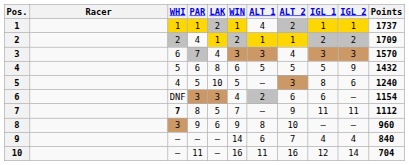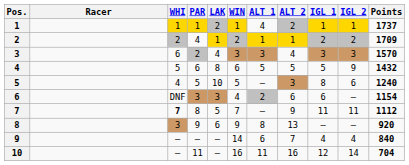 <table class="wikitable sortable plainrowheaders" style="text-align:center;">
 <tr>
 <th scope="col">Pos.</th>
 <th scope="col" style="width:200px;">Racer</th>
 <th scope="col"><strong> <a href='#'>WHI</a></strong></th>
 <th><strong> <a href='#'>PAR</a></strong></th>
 <th><strong> <a href='#'>LAK</a></strong></th>
 <th><strong> <a href='#'>WIN</a></strong></th>
 <th><strong> <a href='#'>ALT 1</a></strong></th>
 <th><strong> <a href='#'>ALT 2</a></strong></th>
 <th><strong> <a href='#'>IGL 1</a></strong></th>
 <th><strong> <a href='#'>IGL 2</a></strong></th>
 <th style="width:45px;">Points</th>
 </tr>
 <tr>
 <th>1</th>
 <td style="text-align:left"></td>
 <td style="background:gold">1</td>
 <td style="background:gold">1</td>
 <td style="background:silver">2</td>
 <td style="background:gold">1</td>
 <td>4</td>
 <td style="background:silver">2</td>
 <td style="background:gold">1</td>
 <td style="background:gold">1</td>
 <td><strong>1737</strong></td>
 </tr>
 <tr>
 <th>2</th>
 <td style="text-align:left"></td>
 <td style="background:silver">2</td>
 <td>4</td>
 <td style="background:gold">1</td>
 <td style="background:silver">2</td>
 <td style="background:gold">1</td>
 <td style="background:gold">1</td>
 <td style="background:silver">2</td>
 <td style="background:silver">2</td>
 <td><strong>1709</strong></td>
 </tr>
 <tr>
 <th>3</th>
 <td style="text-align:left"></td>
 <td>6</td>
-<td style="background:silver">7</td>
+<td style="background:silver">2</td>
 <td>4</td>
 <td style="background:#c96">3</td>
 <td style="background:#c96">3</td>
 <td>4</td>
 <td style="background:#c96">3</td>
 <td style="background:#c96">3</td>
 <td><strong>1570</strong></td>
 </tr>
 <tr>
 <th>4</th>
 <td style="text-align:left"></td>
 <td>5</td>
 <td>6</td>
 <td>8</td>
 <td>6</td>
 <td>5</td>
 <td>5</td>
 <td>5</td>
 <td>9</td>
 <td><strong>1432</strong></td>
 </tr>
 <tr>
 <th>5</th>
 <td style="text-align:left"></td>
 <td>4</td>
 <td>5</td>
 <td>10</td>
 <td>5</td>
 <td>–</td>
 <td style="background:#c96">3</td>
 <td>8</td>
 <td>6</td>
 <td><strong>1240</strong></td>
 </tr>
 <tr>
 <th>6</th>
 <td style="text-align:left"></td>
 <td>DNF</td>
 <td style="background:#c96">3</td>
 <td style="background:#c96">3</td>
 <td>4</td>
 <td style="background:silver">2</td>
 <td>6</td>
 <td>6</td>
 <td>–</td>
 <td><strong>1154</strong></td>
 </tr>
 <tr>
 <th>7</th>
 <td style="text-align:left"></td>
 <td><strong>7</strong></td>
 <td>8</td>
 <td>5</td>
 <td>7</td>
 <td>–</td>
 <td>9</td>
 <td>11</td>
 <td>11</td>
 <td><strong>1112</strong></td>
 </tr>
 <tr>
 <th>8</th>
 <td style="text-align:left"></td>
 <td style="background:#c96">3</td>
 <td>9</td>
 <td>6</td>
 <td>9</td>
 <td>8</td>
-<td>10</td>
+<td>13</td>
 <td>–</td>
 <td>–</td>
-<td><strong>960</strong></td>
+<td><strong>920</strong></td>
 </tr>
 <tr>
 <th>9</th>
 <td style="text-align:left"></td>
 <td>–</td>
 <td>–</td>
 <td>–</td>
 <td>14</td>
 <td>6</td>
 <td>7</td>
 <td>4</td>
 <td>4</td>
 <td><strong>840</strong></td>
 </tr>
 <tr>
 <th>10</th>
 <td style="text-align:left"></td>
 <td>–</td>
 <td>11</td>
 <td>–</td>
 <td>16</td>
 <td>11</td>
 <td>16</td>
 <td>12</td>
 <td>14</td>
 <td><strong>704</strong></td>
 </tr>
 </table>
